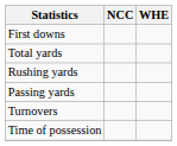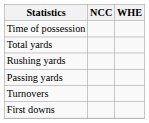 <table class="wikitable">
 <tr>
 <th>Statistics</th>
 <th>NCC</th>
 <th>WHE</th>
 </tr>
 <tr>
-<td>First downs</td>
+<td>Time of possession</td>
 <td></td>
 <td></td>
 </tr>
 <tr>
 <td>Total yards</td>
 <td></td>
 <td></td>
 </tr>
 <tr>
 <td>Rushing yards</td>
 <td></td>
 <td></td>
 </tr>
 <tr>
 <td>Passing yards</td>
 <td></td>
 <td></td>
 </tr>
 <tr>
 <td>Turnovers</td>
 <td></td>
 <td></td>
 </tr>
 <tr>
-<td>Time of possession</td>
+<td>First downs</td>
 <td></td>
 <td></td>
 </tr>
 <tr>
 </tr>
 </table>
